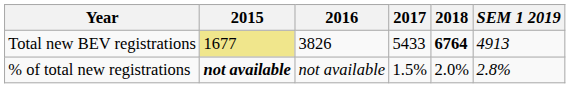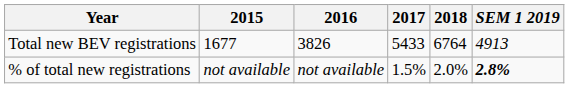 <table class="wikitable">
 <tr>
 <th>Year</th>
 <th>2015</th>
 <th>2016</th>
 <th>2017</th>
 <th>2018</th>
 <th><em>SEM 1 2019</em></th>
 </tr>
 <tr>
 <td>Total new BEV registrations</td>
-<td style="background: khaki;">1677</td>
+<td>1677</td>
 <td>3826</td>
 <td>5433</td>
-<td><strong>6764</strong></td>
+<td>6764</td>
 <td><em>4913</em></td>
 </tr>
 <tr>
 <td>% of total new registrations</td>
-<td><strong><em>not available</em></strong></td>
+<td><em>not available</em></td>
 <td><em>not available</em></td>
 <td>1.5%</td>
 <td>2.0%</td>
-<td><em>2.8%</em></td>
+<td><strong><em>2.8%</em></strong></td>
 </tr>
 </table>
